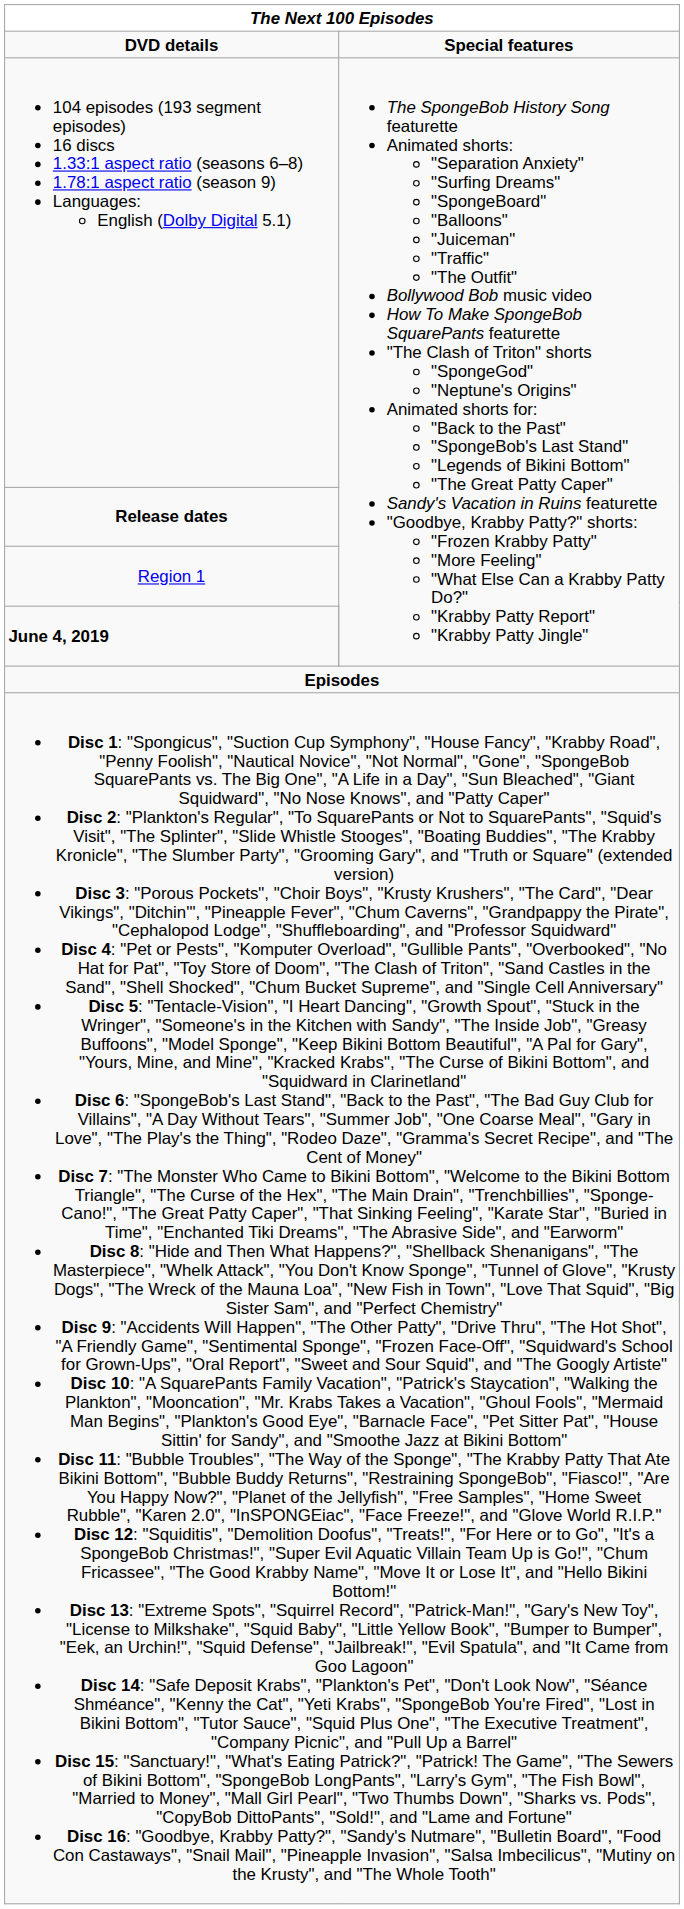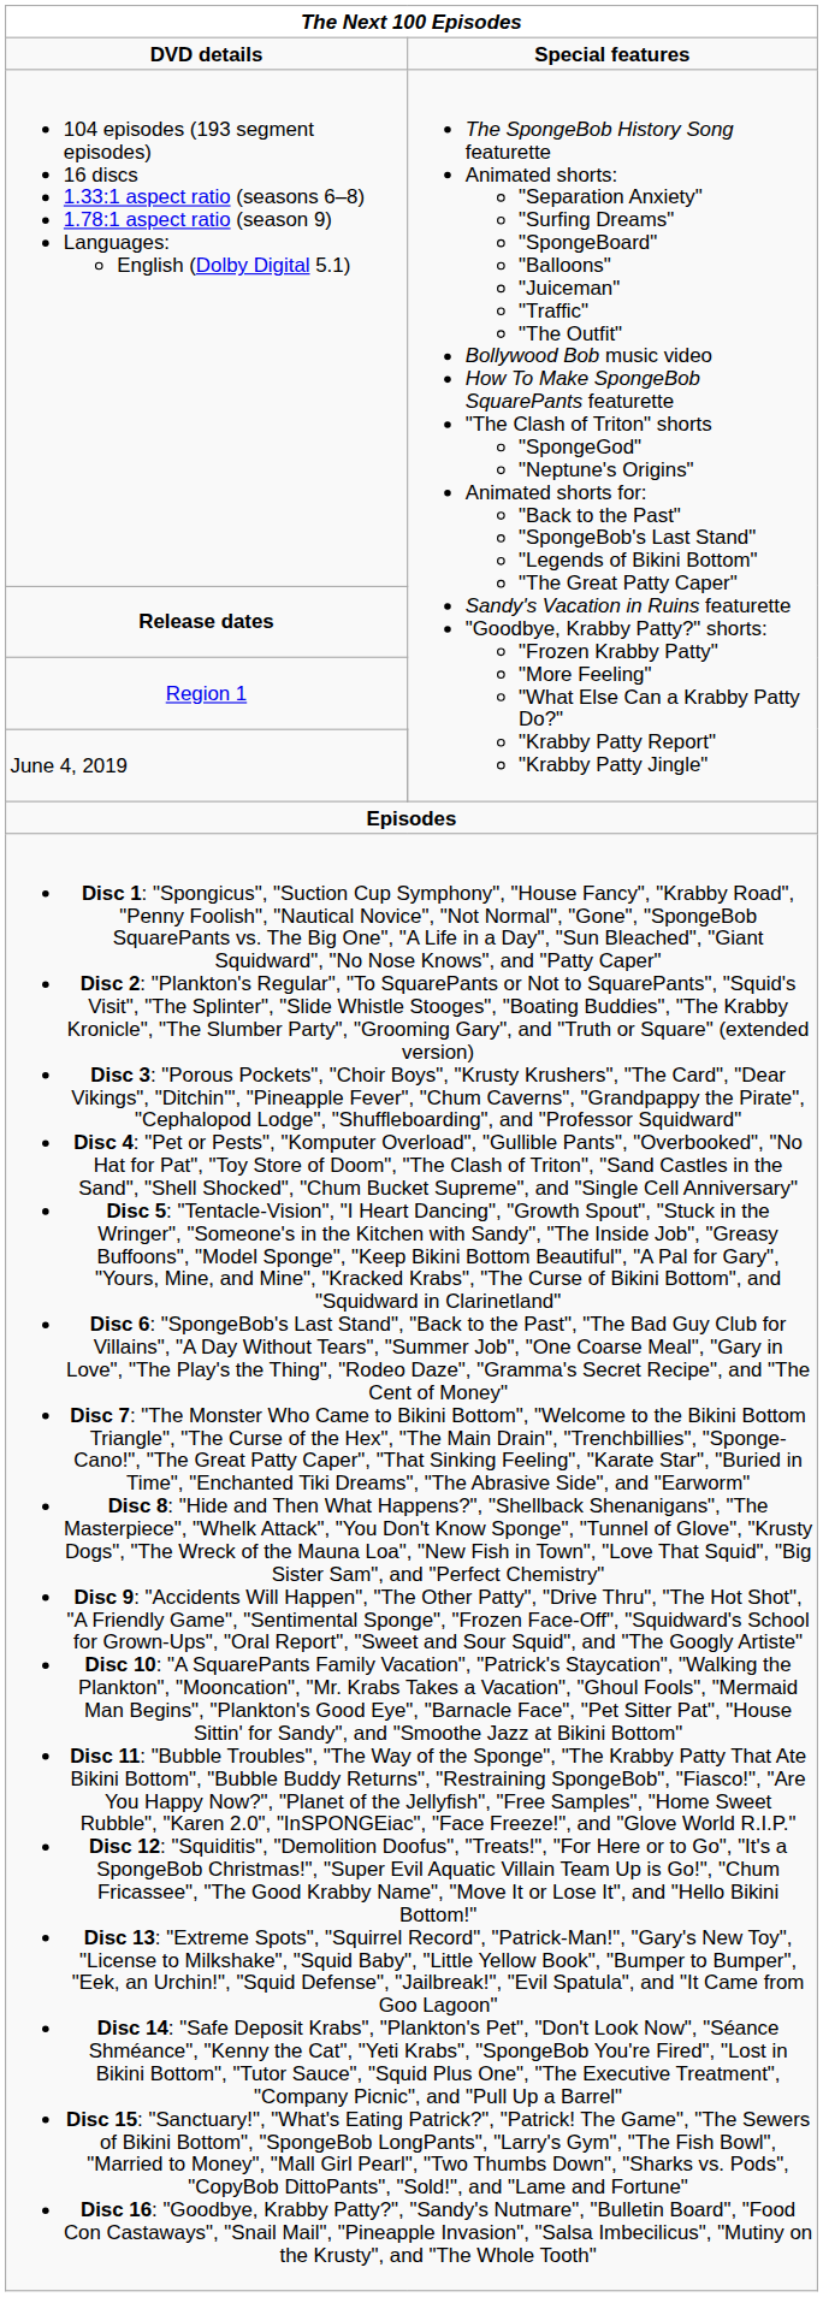 <table class="wikitable" style="font-size: 95%;">
 <tr style="background:#FFF; color:#000;">
 <td colspan="4" align="center"><strong><em>The Next 100 Episodes</em></strong></td>
 </tr>
 <tr valign="top">
 <td style="text-align:center; width:400px;" colspan="3"><strong>DVD details</strong></td>
 <td style="width:300px; text-align:center;"><strong>Special features</strong></td>
 </tr>
 <tr valign="top">
 <td colspan="3" style="text-align:left; width:400px;"><br><ul><li>104 episodes (193 segment episodes)</li><li>16 discs</li><li><a href='#'>1.33:1 aspect ratio</a> (seasons 6–8)</li><li><a href='#'>1.78:1 aspect ratio</a> (season 9)</li><li>Languages:<ul><li>English (<a href='#'>Dolby Digital</a> 5.1)</li></ul></li></ul></td>
 <td rowspan="4" style="text-align:left; width:300px;"><br><ul><li><em>The SpongeBob History Song</em> featurette</li><li>Animated shorts:<ul><li>"Separation Anxiety"</li><li>"Surfing Dreams"</li><li>"SpongeBoard"</li><li>"Balloons"</li><li>"Juiceman"</li><li>"Traffic"</li><li>"The Outfit"</li></ul></li><li><em>Bollywood Bob</em> music video</li><li><em>How To Make SpongeBob SquarePants</em> featurette</li><li>"The Clash of Triton" shorts<ul><li>"SpongeGod"</li><li>"Neptune's Origins"</li></ul></li><li>Animated shorts for:<ul><li>"Back to the Past"</li><li>"SpongeBob's Last Stand"</li><li>"Legends of Bikini Bottom"</li><li>"The Great Patty Caper"</li></ul></li><li><em>Sandy's Vacation in Ruins</em> featurette</li><li>"Goodbye, Krabby Patty?" shorts:<ul><li>"Frozen Krabby Patty"</li><li>"More Feeling"</li><li>"What Else Can a Krabby Patty Do?"</li><li>"Krabby Patty Report"</li><li>"Krabby Patty Jingle"</li></ul></li></ul></td>
 </tr>
 <tr>
 <td colspan="3" style="text-align:center;"><strong>Release dates</strong></td>
 </tr>
 <tr>
 <td colspan="3" style="text-align:center;"><a href='#'>Region 1</a></td>
 </tr>
 <tr>
-<td><strong>June 4, 2019</strong></td>
+<td>June 4, 2019</td>
 </tr>
 <tr>
 <td style="text-align:center; width:400px;" colspan="4"><strong>Episodes</strong></td>
 </tr>
 <tr>
 <td style="text-align:center; width:400px;" colspan="4"><br><ul><li><strong>Disc 1</strong>: "Spongicus", "Suction Cup Symphony", "House Fancy", "Krabby Road", "Penny Foolish", "Nautical Novice", "Not Normal", "Gone", "SpongeBob SquarePants vs. The Big One", "A Life in a Day", "Sun Bleached", "Giant Squidward", "No Nose Knows", and "Patty Caper"</li><li><strong>Disc 2</strong>: "Plankton's Regular", "To SquarePants or Not to SquarePants", "Squid's Visit", "The Splinter", "Slide Whistle Stooges", "Boating Buddies", "The Krabby Kronicle", "The Slumber Party", "Grooming Gary", and "Truth or Square" (extended version)</li><li><strong>Disc 3</strong>: "Porous Pockets", "Choir Boys", "Krusty Krushers", "The Card", "Dear Vikings", "Ditchin'", "Pineapple Fever", "Chum Caverns", "Grandpappy the Pirate", "Cephalopod Lodge", "Shuffleboarding", and "Professor Squidward"</li><li><strong>Disc 4</strong>: "Pet or Pests", "Komputer Overload", "Gullible Pants", "Overbooked", "No Hat for Pat", "Toy Store of Doom", "The Clash of Triton", "Sand Castles in the Sand", "Shell Shocked", "Chum Bucket Supreme", and "Single Cell Anniversary"</li><li><strong>Disc 5</strong>: "Tentacle-Vision", "I Heart Dancing", "Growth Spout", "Stuck in the Wringer", "Someone's in the Kitchen with Sandy", "The Inside Job", "Greasy Buffoons", "Model Sponge", "Keep Bikini Bottom Beautiful", "A Pal for Gary", "Yours, Mine, and Mine", "Kracked Krabs", "The Curse of Bikini Bottom", and "Squidward in Clarinetland"</li><li><strong>Disc 6</strong>: "SpongeBob's Last Stand", "Back to the Past", "The Bad Guy Club for Villains", "A Day Without Tears", "Summer Job", "One Coarse Meal", "Gary in Love", "The Play's the Thing", "Rodeo Daze", "Gramma's Secret Recipe", and "The Cent of Money"</li><li><strong>Disc 7</strong>: "The Monster Who Came to Bikini Bottom", "Welcome to the Bikini Bottom Triangle", "The Curse of the Hex", "The Main Drain", "Trenchbillies", "Sponge-Cano!", "The Great Patty Caper", "That Sinking Feeling", "Karate Star", "Buried in Time", "Enchanted Tiki Dreams", "The Abrasive Side", and "Earworm"</li><li><strong>Disc 8</strong>: "Hide and Then What Happens?", "Shellback Shenanigans", "The Masterpiece", "Whelk Attack", "You Don't Know Sponge", "Tunnel of Glove", "Krusty Dogs", "The Wreck of the Mauna Loa", "New Fish in Town", "Love That Squid", "Big Sister Sam", and "Perfect Chemistry"</li><li><strong>Disc 9</strong>: "Accidents Will Happen", "The Other Patty", "Drive Thru", "The Hot Shot", "A Friendly Game", "Sentimental Sponge", "Frozen Face-Off", "Squidward's School for Grown-Ups", "Oral Report", "Sweet and Sour Squid", and "The Googly Artiste"</li><li><strong>Disc 10</strong>: "A SquarePants Family Vacation", "Patrick's Staycation", "Walking the Plankton", "Mooncation", "Mr. Krabs Takes a Vacation", "Ghoul Fools", "Mermaid Man Begins", "Plankton's Good Eye", "Barnacle Face", "Pet Sitter Pat", "House Sittin' for Sandy", and "Smoothe Jazz at Bikini Bottom"</li><li><strong>Disc 11</strong>: "Bubble Troubles", "The Way of the Sponge", "The Krabby Patty That Ate Bikini Bottom", "Bubble Buddy Returns", "Restraining SpongeBob", "Fiasco!", "Are You Happy Now?", "Planet of the Jellyfish", "Free Samples", "Home Sweet Rubble", "Karen 2.0", "InSPONGEiac", "Face Freeze!", and "Glove World R.I.P."</li><li><strong>Disc 12</strong>: "Squiditis", "Demolition Doofus", "Treats!", "For Here or to Go", "It's a SpongeBob Christmas!", "Super Evil Aquatic Villain Team Up is Go!", "Chum Fricassee", "The Good Krabby Name", "Move It or Lose It", and "Hello Bikini Bottom!"</li><li><strong>Disc 13</strong>: "Extreme Spots", "Squirrel Record", "Patrick-Man!", "Gary's New Toy", "License to Milkshake", "Squid Baby", "Little Yellow Book", "Bumper to Bumper", "Eek, an Urchin!", "Squid Defense", "Jailbreak!", "Evil Spatula", and "It Came from Goo Lagoon"</li><li><strong>Disc 14</strong>: "Safe Deposit Krabs", "Plankton's Pet", "Don't Look Now", "Séance Shméance", "Kenny the Cat", "Yeti Krabs", "SpongeBob You're Fired", "Lost in Bikini Bottom", "Tutor Sauce", "Squid Plus One", "The Executive Treatment", "Company Picnic", and "Pull Up a Barrel"</li><li><strong>Disc 15</strong>: "Sanctuary!", "What's Eating Patrick?", "Patrick! The Game", "The Sewers of Bikini Bottom", "SpongeBob LongPants", "Larry's Gym", "The Fish Bowl", "Married to Money", "Mall Girl Pearl", "Two Thumbs Down", "Sharks vs. Pods", "CopyBob DittoPants", "Sold!", and "Lame and Fortune"</li><li><strong>Disc 16</strong>: "Goodbye, Krabby Patty?", "Sandy's Nutmare", "Bulletin Board", "Food Con Castaways", "Snail Mail", "Pineapple Invasion", "Salsa Imbecilicus", "Mutiny on the Krusty", and "The Whole Tooth"</li></ul></td>
 </tr>
 </table>
